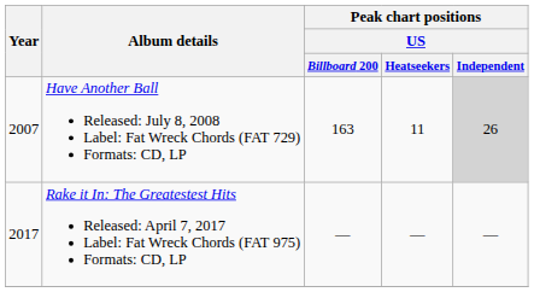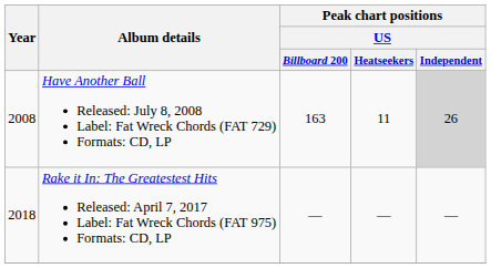 <table class ="wikitable">
 <tr>
 <th rowspan="3">Year</th>
 <th rowspan="3">Album details</th>
 <th colspan="3">Peak chart positions</th>
 </tr>
 <tr>
 <th colspan="3" align="center"><a href='#'>US</a></th>
 </tr>
 <tr>
 <th><small><a href='#'><em>Billboard</em> 200</a></small></th>
 <th><small><a href='#'>Heatseekers</a></small></th>
 <th><small><a href='#'>Independent</a></small></th>
 </tr>
 <tr>
-<td>2007</td>
+<td>2008</td>
 <td><em><a href='#'>Have Another Ball</a></em><br><ul><li>Released: July 8, 2008</li><li>Label: Fat Wreck Chords (FAT 729)</li><li>Formats: CD, LP</li></ul></td>
 <td align="center">163</td>
 <td align="center">11</td>
 <td align="center" style="background: lightgrey;">26</td>
 </tr>
 <tr>
-<td>2017</td>
+<td>2018</td>
 <td><em><a href='#'>Rake it In: The Greatestest Hits</a></em><br><ul><li>Released: April 7, 2017</li><li>Label: Fat Wreck Chords (FAT 975)</li><li>Formats: CD, LP</li></ul></td>
 <td align="center">—</td>
 <td align="center">—</td>
 <td align="center">—</td>
 </tr>
 <tr>
 </tr>
 </table>
